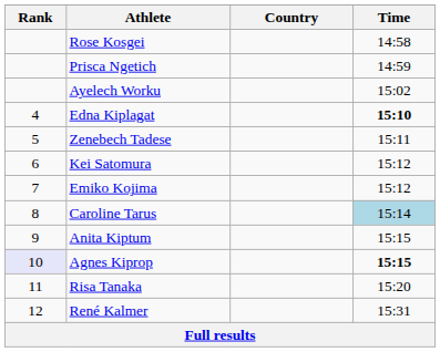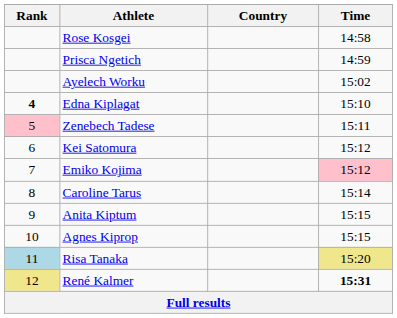 <table class="wikitable sortable" style=" text-align:center; font-size:95%;" width="50%">
 <tr>
 </tr>
 <tr>
 <th width=5%>Rank</th>
 <th width=20%>Athlete</th>
 <th width=15%>Country</th>
 <th width=10%>Time</th>
 </tr>
 <tr>
 <td align=center></td>
 <td align=left><a href='#'>Rose Kosgei</a></td>
 <td align=left></td>
 <td>14:58</td>
 </tr>
 <tr>
 <td align=center></td>
 <td align=left><a href='#'>Prisca Ngetich</a></td>
 <td align=left></td>
 <td>14:59</td>
 </tr>
 <tr>
 <td align=center></td>
 <td align=left><a href='#'>Ayelech Worku</a></td>
 <td align=left></td>
 <td>15:02</td>
 </tr>
 <tr>
-<td align=center>4</td>
+<td align=center><strong>4</strong></td>
 <td align=left><a href='#'>Edna Kiplagat</a></td>
 <td align=left></td>
-<td><strong>15:10</strong></td>
+<td>15:10</td>
 </tr>
 <tr>
-<td align=center>5</td>
+<td align=center style="background: pink;">5</td>
 <td align=left><a href='#'>Zenebech Tadese</a></td>
 <td align=left></td>
 <td>15:11</td>
 </tr>
 <tr>
 <td align=center>6</td>
 <td align=left><a href='#'>Kei Satomura</a></td>
 <td align=left></td>
 <td>15:12</td>
 </tr>
 <tr>
 <td align=center>7</td>
 <td align=left><a href='#'>Emiko Kojima</a></td>
 <td align=left></td>
-<td>15:12</td>
+<td style="background: pink;">15:12</td>
 </tr>
 <tr>
 <td align=center>8</td>
 <td align=left><a href='#'>Caroline Tarus</a></td>
 <td align=left></td>
-<td style="background: lightblue;">15:14</td>
+<td>15:14</td>
 </tr>
 <tr>
 <td align=center>9</td>
 <td align=left><a href='#'>Anita Kiptum</a></td>
 <td align=left></td>
 <td>15:15</td>
 </tr>
 <tr>
-<td align=center style="background: lavender;">10</td>
+<td align=center>10</td>
 <td align=left><a href='#'>Agnes Kiprop</a></td>
 <td align=left></td>
-<td><strong>15:15</strong></td>
+<td>15:15</td>
 </tr>
 <tr>
-<td align=center>11</td>
+<td align=center style="background: lightblue;">11</td>
 <td align=left><a href='#'>Risa Tanaka</a></td>
 <td align=left></td>
-<td>15:20</td>
+<td style="background: khaki;">15:20</td>
 </tr>
 <tr>
-<td align=center>12</td>
+<td align=center style="background: khaki;">12</td>
 <td align=left><a href='#'>René Kalmer</a></td>
 <td align=left></td>
-<td>15:31</td>
+<td><strong>15:31</strong></td>
 </tr>
 <tr class="sortbottom">
 <th colspan=4 align=center><a href='#'>Full results</a></th>
 </tr>
 </table>
